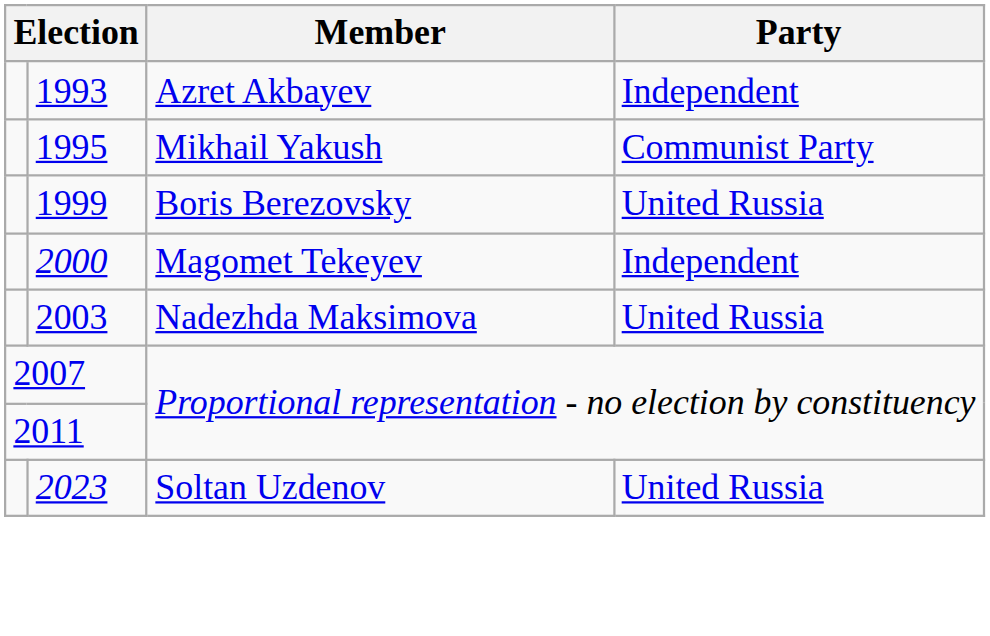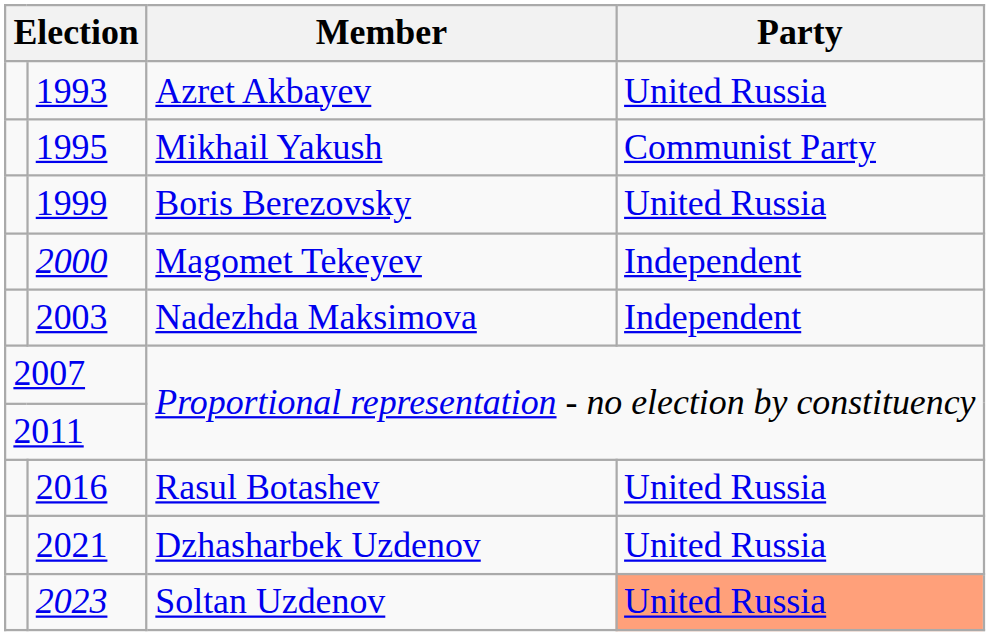 <table class="wikitable">
 <tr>
 <th colspan="2">Election</th>
 <th>Member</th>
 <th>Party</th>
 </tr>
 <tr>
 <td style="background-color:"></td>
 <td><a href='#'>1993</a></td>
 <td><a href='#'>Azret Akbayev</a></td>
-<td><a href='#'>Independent</a></td>
+<td><a href='#'>United Russia</a></td>
 </tr>
 <tr>
 <td style="background-color:"></td>
 <td><a href='#'>1995</a></td>
 <td><a href='#'>Mikhail Yakush</a></td>
 <td><a href='#'>Communist Party</a></td>
 </tr>
 <tr>
 <td style="background-color:"></td>
 <td><a href='#'>1999</a></td>
 <td><a href='#'>Boris Berezovsky</a></td>
 <td><a href='#'>United Russia</a></td>
 </tr>
 <tr>
 <td style="background-color:"></td>
 <td><em><a href='#'>2000</a></em></td>
 <td><a href='#'>Magomet Tekeyev</a></td>
 <td><a href='#'>Independent</a></td>
 </tr>
 <tr>
 <td style="background-color:"></td>
 <td><a href='#'>2003</a></td>
 <td><a href='#'>Nadezhda Maksimova</a></td>
-<td><a href='#'>United Russia</a></td>
+<td><a href='#'>Independent</a></td>
 </tr>
 <tr>
 <td colspan=2><a href='#'>2007</a></td>
 <td colspan=2 rowspan=2><em><a href='#'>Proportional representation</a> - no election by constituency</em></td>
 </tr>
 <tr>
 <td colspan=2><a href='#'>2011</a></td>
 </tr>
 <tr>
 <td style="background-color: "></td>
+<td><a href='#'>2016</a></td>
+<td><a href='#'>Rasul Botashev</a></td>
+<td><a href='#'>United Russia</a></td>
+</tr>
+<tr>
+<td style="background-color: "></td>
+<td><a href='#'>2021</a></td>
+<td><a href='#'>Dzhasharbek Uzdenov</a></td>
+<td><a href='#'>United Russia</a></td>
+</tr>
+<tr>
+<td style="background-color: "></td>
 <td><em><a href='#'>2023</a></em></td>
 <td><a href='#'>Soltan Uzdenov</a></td>
-<td><a href='#'>United Russia</a></td>
+<td style="background: lightsalmon;"><a href='#'>United Russia</a></td>
 </tr>
 </table>
